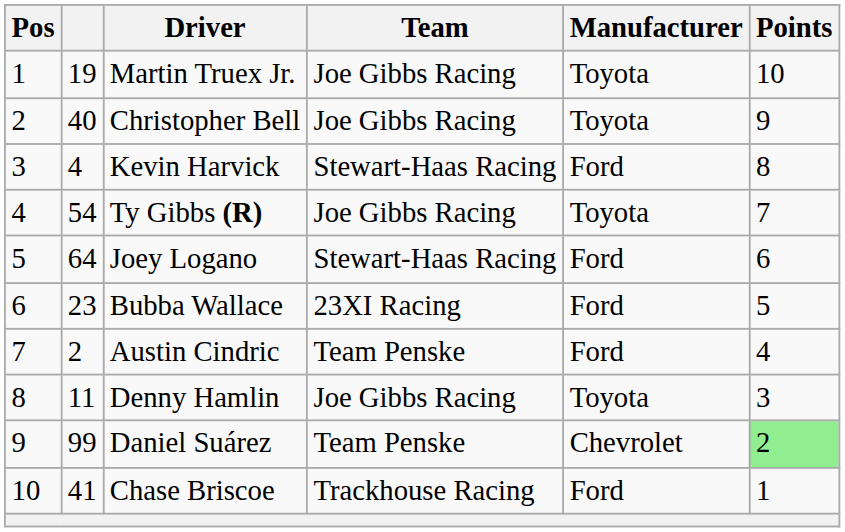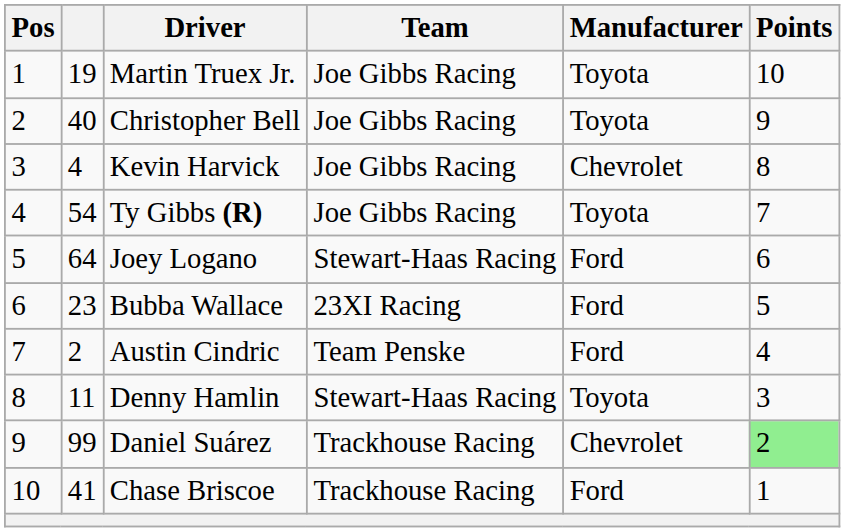 <table class="wikitable" style="font-size:98%">
 <tr>
 <th>Pos</th>
 <th></th>
 <th>Driver</th>
 <th>Team</th>
 <th>Manufacturer</th>
 <th>Points</th>
 </tr>
 <tr>
 <td>1</td>
 <td>19</td>
 <td>Martin Truex Jr.</td>
 <td>Joe Gibbs Racing</td>
 <td>Toyota</td>
 <td>10</td>
 </tr>
 <tr>
 <td>2</td>
 <td>40</td>
 <td>Christopher Bell</td>
 <td>Joe Gibbs Racing</td>
 <td>Toyota</td>
 <td>9</td>
 </tr>
 <tr>
 <td>3</td>
 <td>4</td>
 <td>Kevin Harvick</td>
-<td>Stewart-Haas Racing</td>
-<td>Ford</td>
+<td>Joe Gibbs Racing</td>
+<td>Chevrolet</td>
 <td>8</td>
 </tr>
 <tr>
 <td>4</td>
 <td>54</td>
 <td>Ty Gibbs <strong>(R)</strong></td>
 <td>Joe Gibbs Racing</td>
 <td>Toyota</td>
 <td>7</td>
 </tr>
 <tr>
 <td>5</td>
 <td>64</td>
 <td>Joey Logano</td>
 <td>Stewart-Haas Racing</td>
 <td>Ford</td>
 <td>6</td>
 </tr>
 <tr>
 <td>6</td>
 <td>23</td>
 <td>Bubba Wallace</td>
 <td>23XI Racing</td>
 <td>Ford</td>
 <td>5</td>
 </tr>
 <tr>
 <td>7</td>
 <td>2</td>
 <td>Austin Cindric</td>
 <td>Team Penske</td>
 <td>Ford</td>
 <td>4</td>
 </tr>
 <tr>
 <td>8</td>
 <td>11</td>
 <td>Denny Hamlin</td>
-<td>Joe Gibbs Racing</td>
+<td>Stewart-Haas Racing</td>
 <td>Toyota</td>
 <td>3</td>
 </tr>
 <tr>
 <td>9</td>
 <td>99</td>
 <td>Daniel Suárez</td>
-<td>Team Penske</td>
+<td>Trackhouse Racing</td>
 <td>Chevrolet</td>
 <td style="background: lightgreen;">2</td>
 </tr>
 <tr>
 <td>10</td>
 <td>41</td>
 <td>Chase Briscoe</td>
 <td>Trackhouse Racing</td>
 <td>Ford</td>
 <td>1</td>
 </tr>
 <tr>
 <th colspan="6"></th>
 </tr>
 </table>
